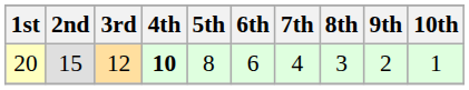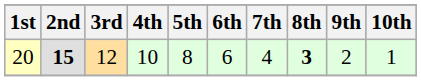 <table class="wikitable" style="font-size: 85%; text-align:center">
 <tr>
 </tr>
 <tr>
 <th>1st</th>
 <th>2nd</th>
 <th>3rd</th>
 <th>4th</th>
 <th>5th</th>
 <th>6th</th>
 <th>7th</th>
 <th>8th</th>
 <th>9th</th>
 <th>10th</th>
 </tr>
 <tr>
 <td style="background:#FFFFBF;">20</td>
-<td style="background:#DFDFDF;">15</td>
+<td style="background:#DFDFDF;"><strong>15</strong></td>
 <td style="background:#FFDF9F;">12</td>
-<td style="background:#DFFFDF;"><strong>10</strong></td>
+<td style="background:#DFFFDF;">10</td>
 <td style="background:#DFFFDF;">8</td>
 <td style="background:#DFFFDF;">6</td>
 <td style="background:#DFFFDF;">4</td>
-<td style="background:#DFFFDF;">3</td>
+<td style="background:#DFFFDF;"><strong>3</strong></td>
 <td style="background:#DFFFDF;">2</td>
 <td style="background:#DFFFDF;">1</td>
 </tr>
 <tr>
 </tr>
 </table>
